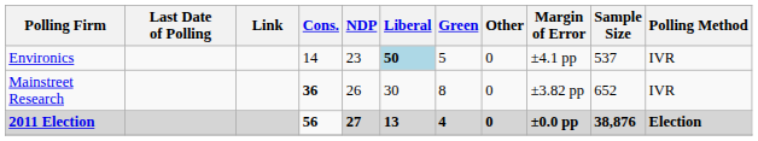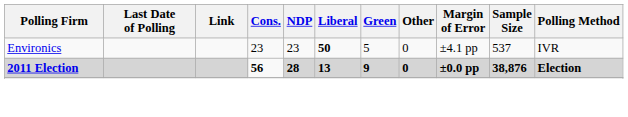 <table class="wikitable sortable">
 <tr style="background:#e9e9e9;">
 <th style="width:120px">Polling Firm</th>
 <th style="width:110px">Last Date<br>of Polling</th>
 <th style="width:60px" class="unsortable">Link</th>
 <th style="background-color:"><strong><a href='#'>Cons.</a></strong></th>
 <th style="background-color:"><strong><a href='#'>NDP</a></strong></th>
 <th style="background-color:"><strong><a href='#'>Liberal</a></strong></th>
 <th style="background-color:"><strong><a href='#'>Green</a></strong></th>
 <th style="background-color:"><strong>Other</strong></th>
 <th style="width:60px;" class=unsortable>Margin<br>of Error</th>
 <th style="width:50px;" class=unsortable>Sample<br>Size</th>
 <th class=unsortable>Polling Method</th>
 </tr>
 <tr>
 <td><a href='#'>Environics</a></td>
 <td></td>
 <td></td>
-<td>14</td>
 <td>23</td>
-<td style="background: lightblue;"><strong>50</strong></td>
+<td>23</td>
+<td><strong>50</strong></td>
 <td>5</td>
 <td>0</td>
 <td>±4.1 pp</td>
 <td>537</td>
 <td>IVR</td>
 </tr>
 <tr>
-<td><a href='#'>Mainstreet Research</a></td>
-<td></td>
-<td></td>
-<td><strong>36</strong></td>
-<td>26</td>
-<td>30</td>
-<td>8</td>
-<td>0</td>
-<td>±3.82 pp</td>
-<td>652</td>
-<td>IVR</td>
-</tr>
-<tr>
 <td style="background:#D5D5D5"><strong><a href='#'>2011 Election</a></strong></td>
 <td style="background:#D5D5D5"><strong></strong></td>
 <td style="background:#D5D5D5"></td>
 <td><strong>56</strong></td>
-<td style="background:#D5D5D5"><strong>27</strong></td>
+<td style="background:#D5D5D5"><strong>28</strong></td>
 <td style="background:#D5D5D5"><strong>13</strong></td>
-<td style="background:#D5D5D5"><strong>4</strong></td>
+<td style="background:#D5D5D5"><strong>9</strong></td>
 <td style="background:#D5D5D5"><strong>0</strong></td>
 <td style="background:#D5D5D5"><strong>±0.0 pp</strong></td>
 <td style="background:#D5D5D5"><strong>38,876</strong></td>
 <td style="background:#D5D5D5"><strong>Election</strong></td>
 </tr>
 <tr>
 </tr>
 <tr>
 </tr>
 </table>
